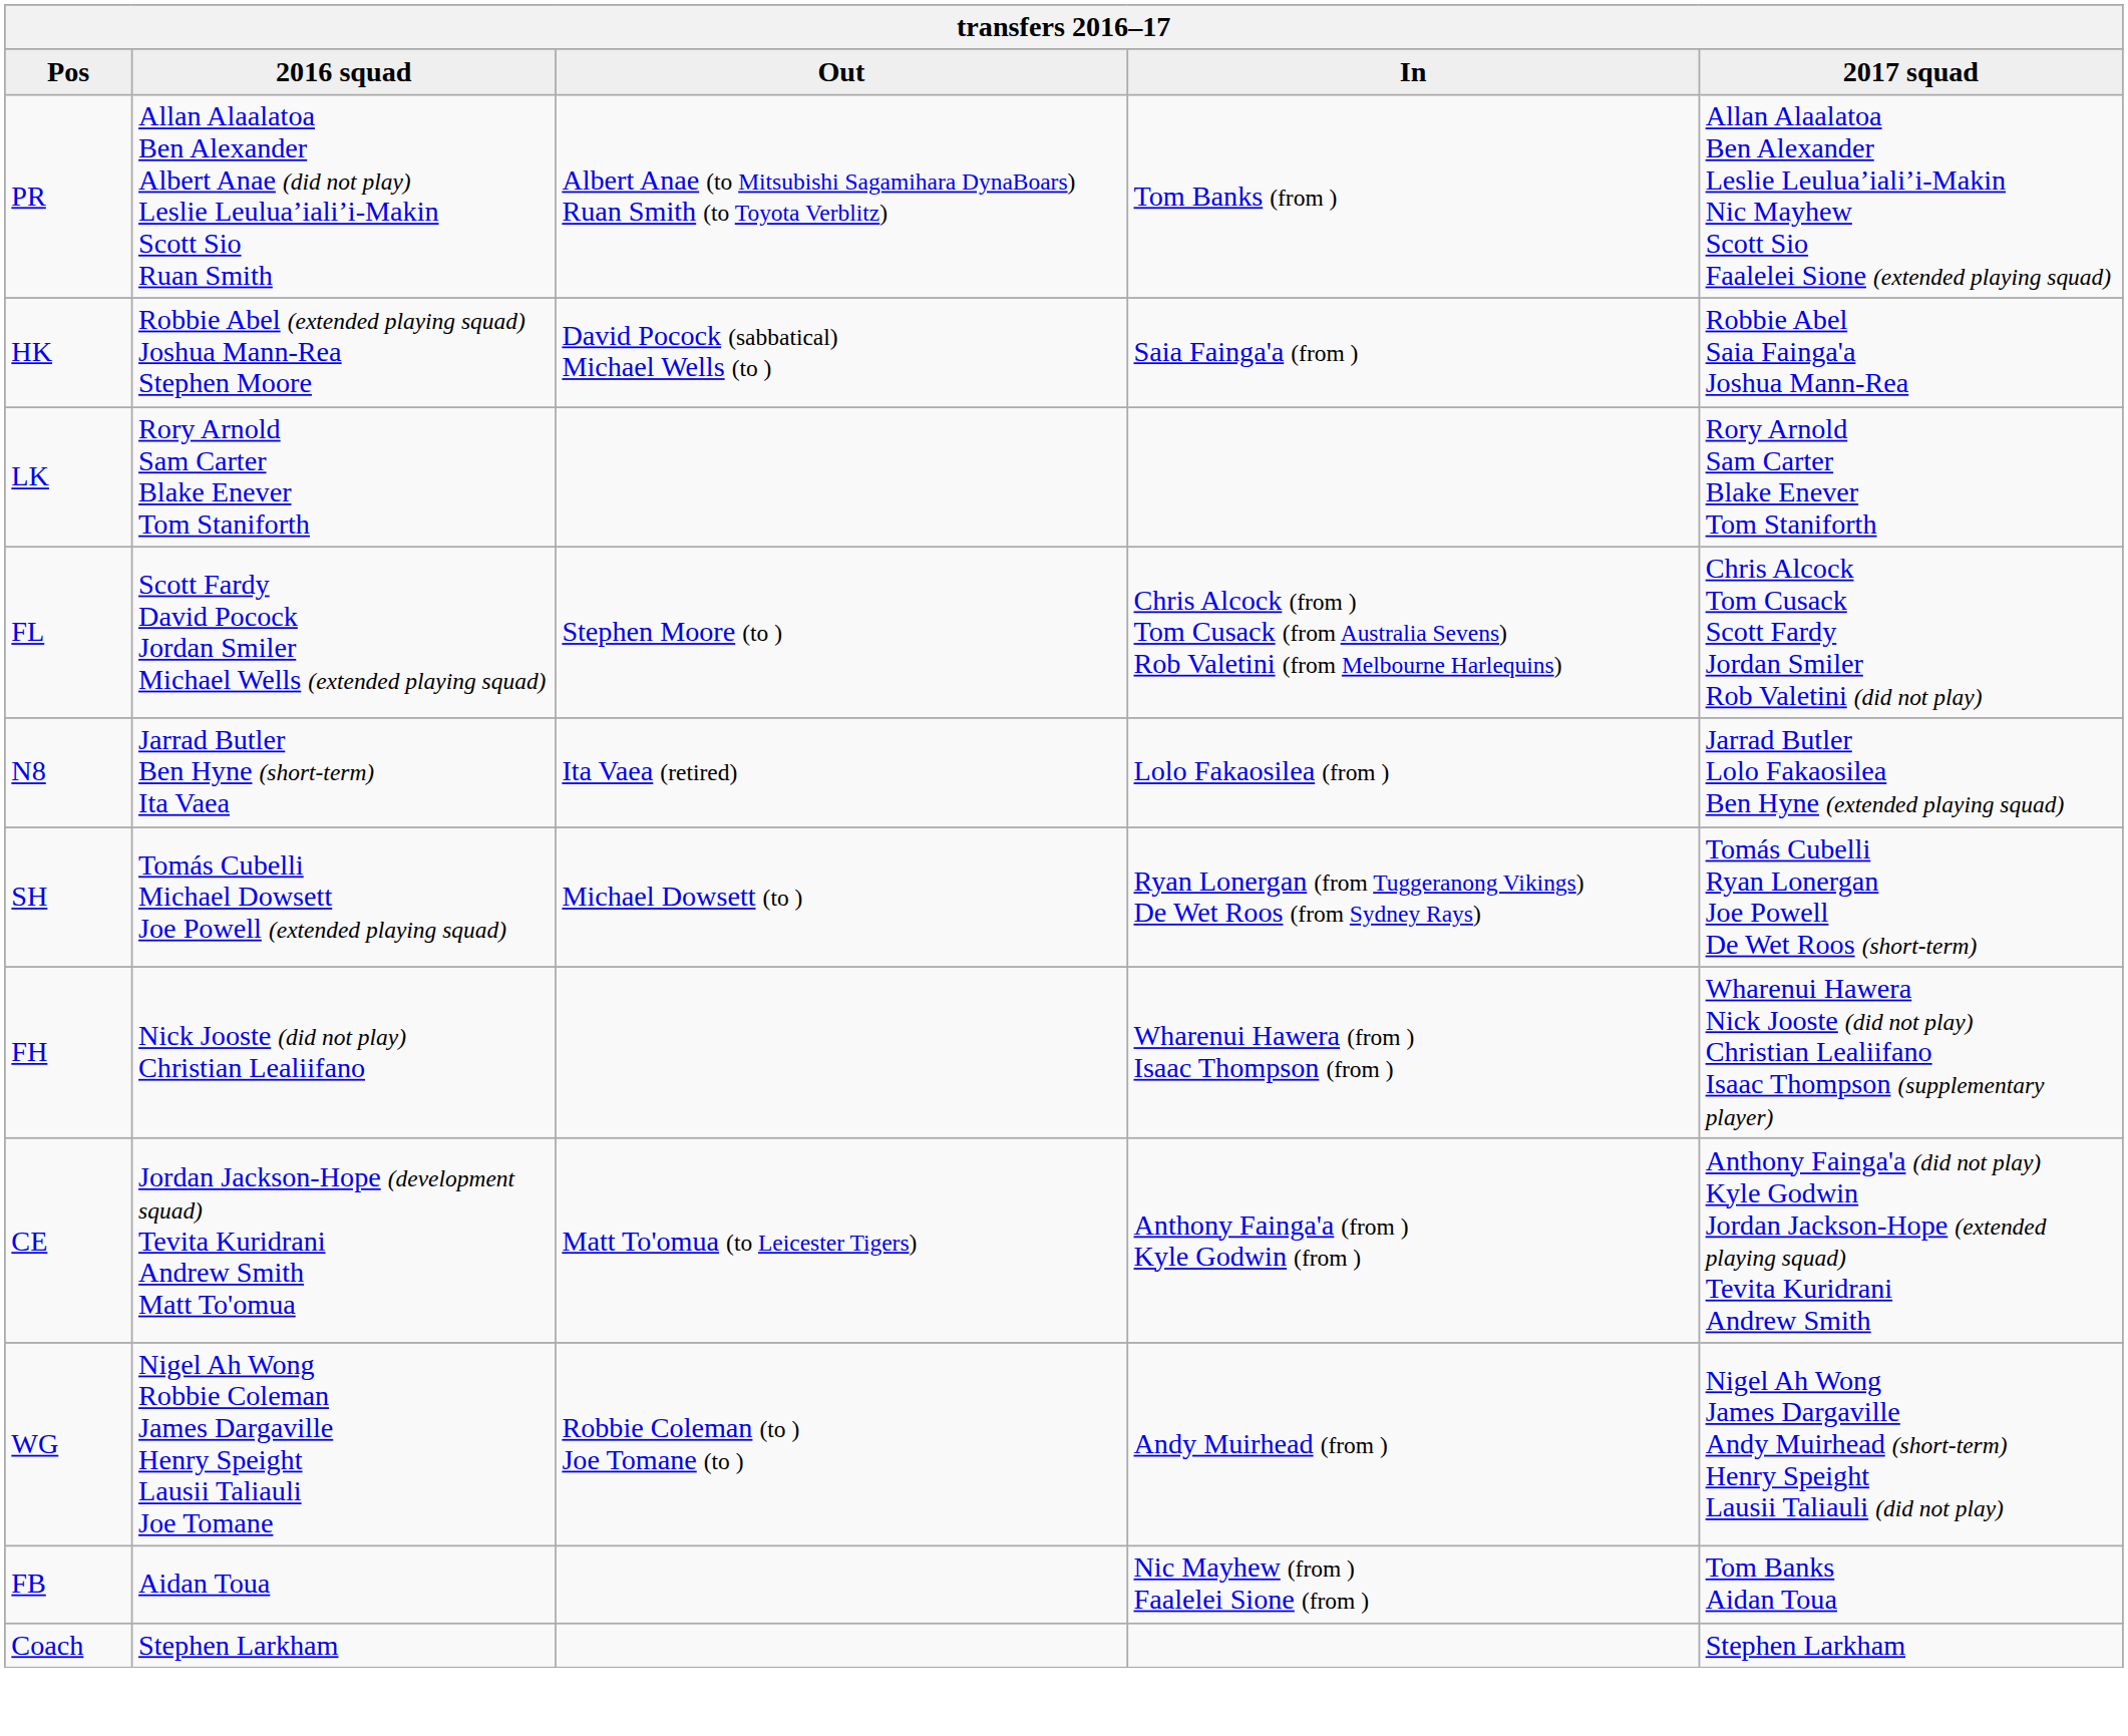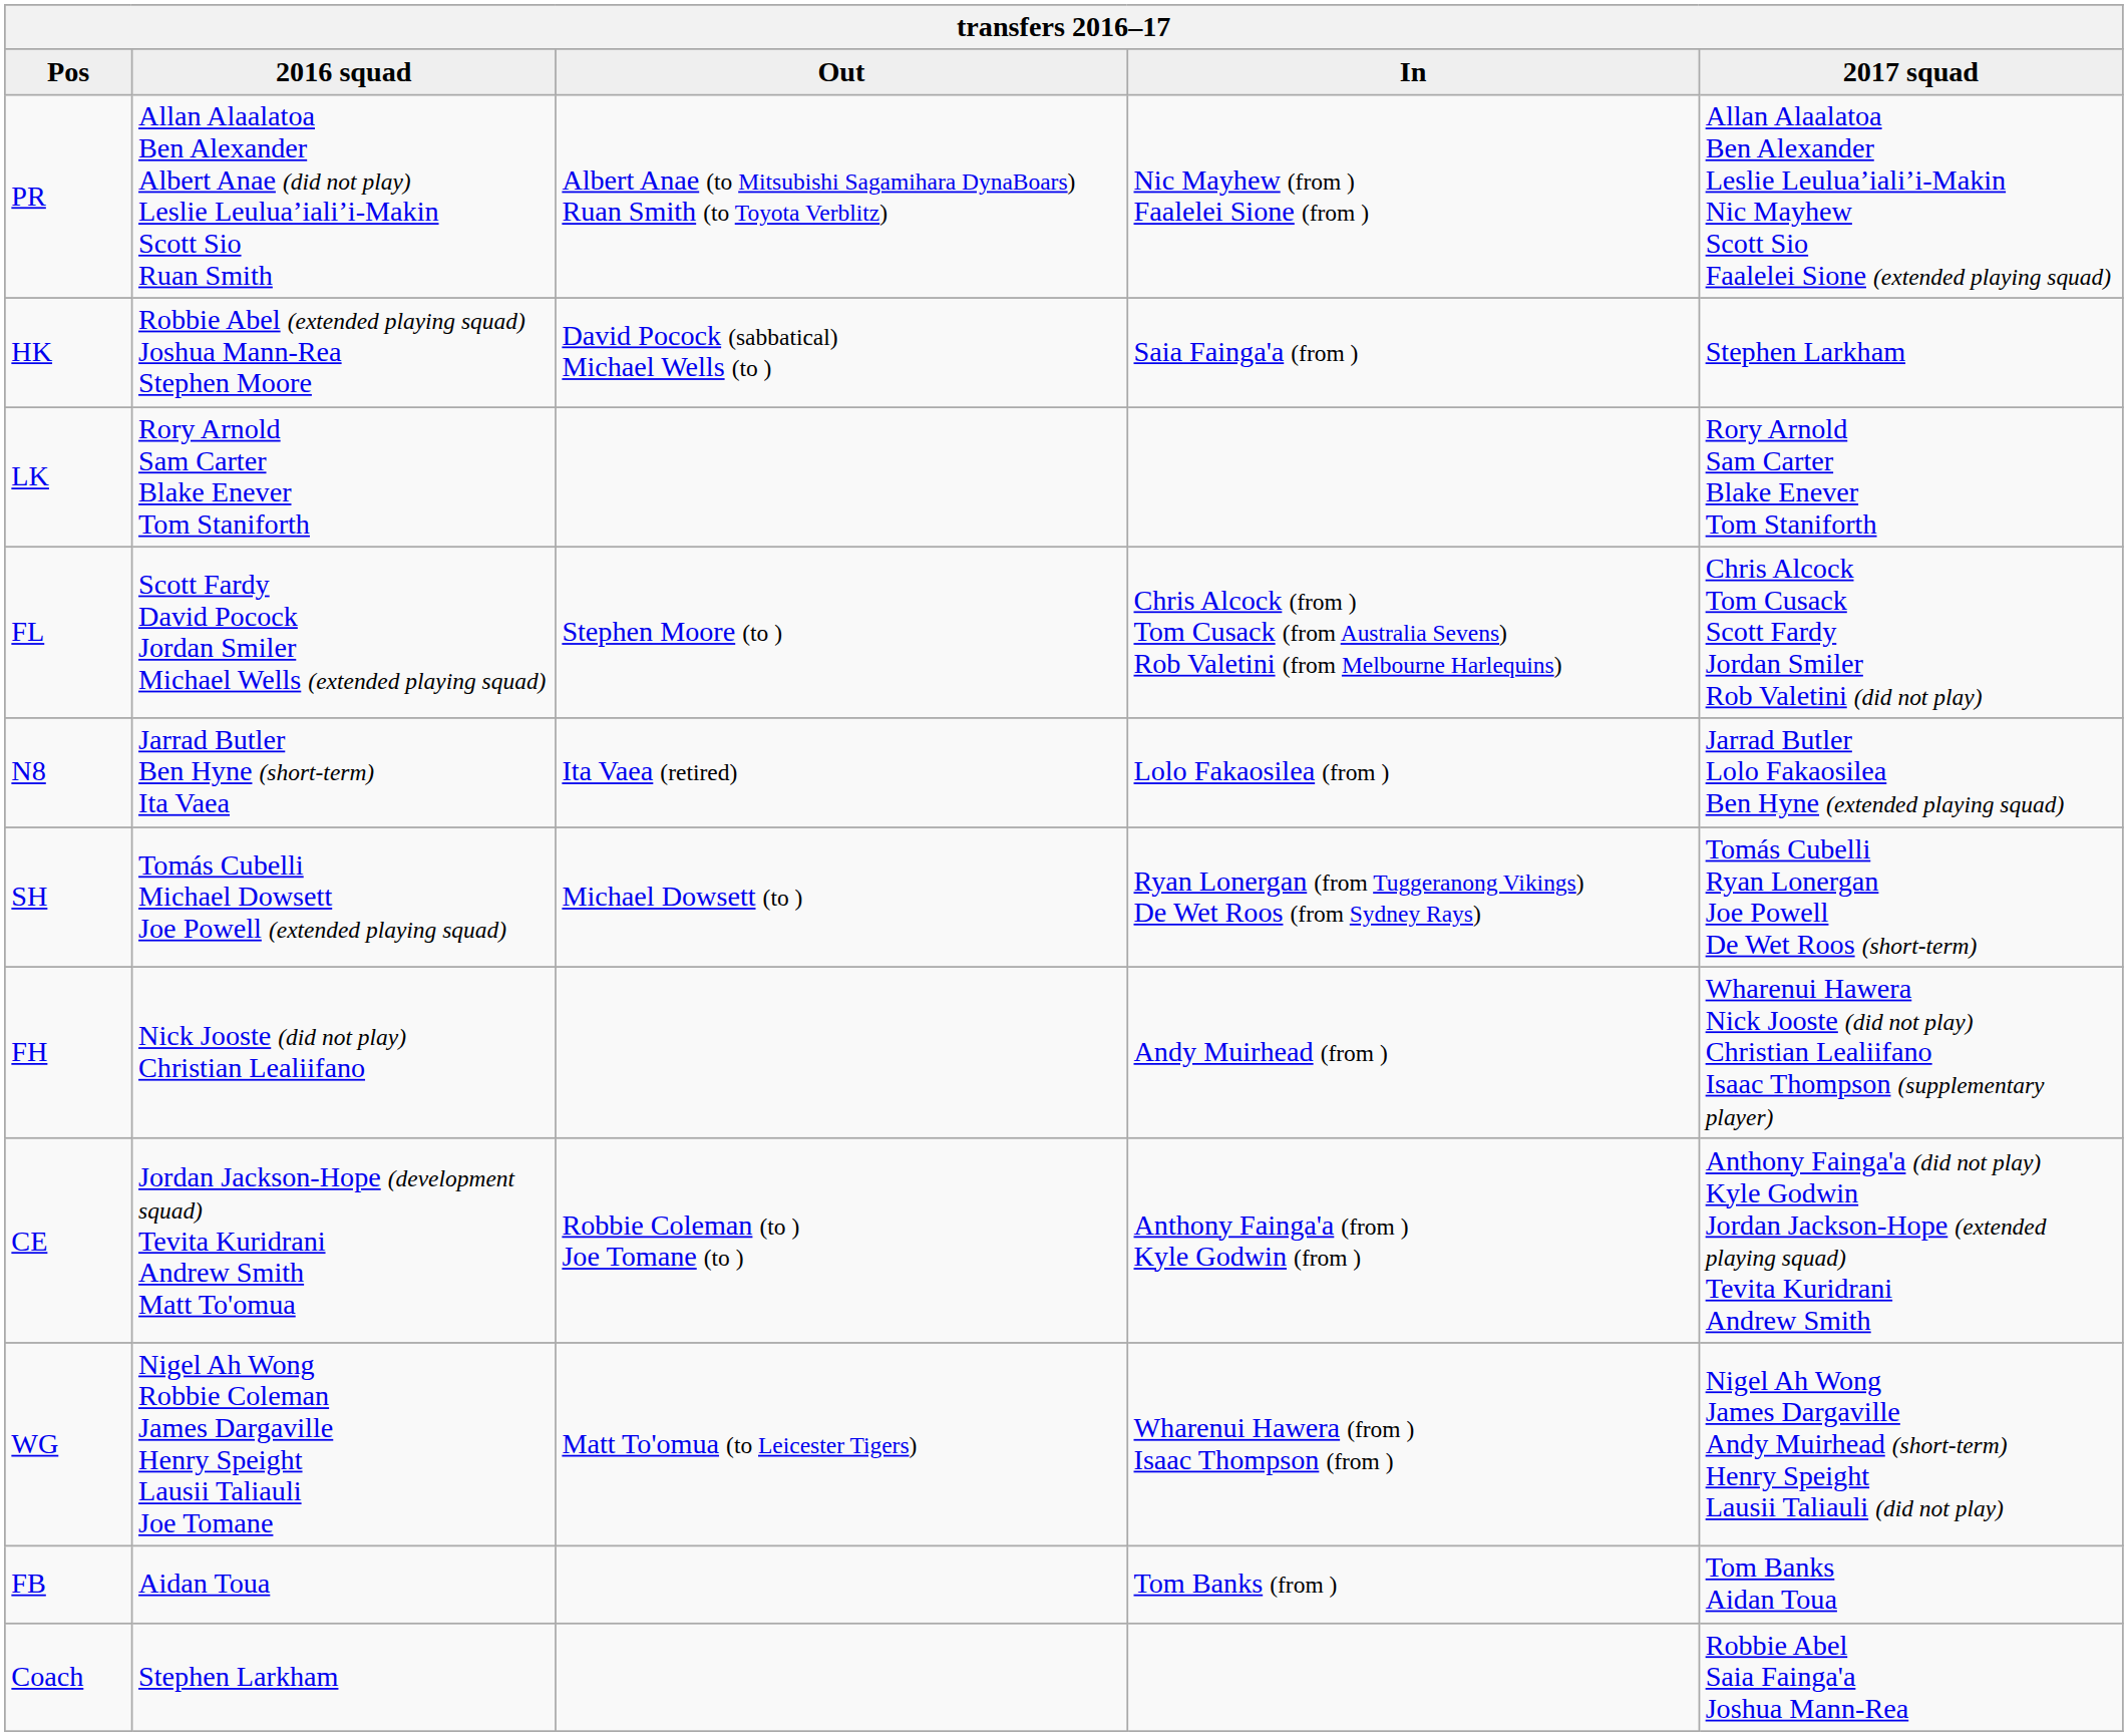 <table class="wikitable" style="text-align: left; width:95%">
 <tr>
 <th colspan="100%"> transfers 2016–17</th>
 </tr>
 <tr>
 <th style="background:#efefef; width:6%;">Pos</th>
 <th style="background:#efefef; width:20%;">2016 squad</th>
 <th style="background:#efefef; width:27%;">Out</th>
 <th style="background:#efefef; width:27%;">In</th>
 <th style="background:#efefef; width:20%;">2017 squad</th>
 </tr>
 <tr>
 <td><a href='#'>PR</a></td>
 <td> <a href='#'>Allan Alaalatoa</a> <br> <a href='#'>Ben Alexander</a> <br> <a href='#'>Albert Anae</a> <small><em>(did not play)</em></small> <br> <a href='#'>Leslie Leulua’iali’i-Makin</a> <br> <a href='#'>Scott Sio</a> <br> <a href='#'>Ruan Smith</a></td>
 <td>  <a href='#'>Albert Anae</a> <small>(to  <a href='#'>Mitsubishi Sagamihara DynaBoars</a>)</small> <br>  <a href='#'>Ruan Smith</a> <small>(to  <a href='#'>Toyota Verblitz</a>)</small></td>
-<td>  <a href='#'>Tom Banks</a> <small>(from )</small></td>
+<td>  <a href='#'>Nic Mayhew</a> <small>(from )</small> <br>  <a href='#'>Faalelei Sione</a> <small>(from )</small></td>
 <td> <a href='#'>Allan Alaalatoa</a> <br> <a href='#'>Ben Alexander</a> <br> <a href='#'>Leslie Leulua’iali’i-Makin</a> <br> <a href='#'>Nic Mayhew</a> <br> <a href='#'>Scott Sio</a> <br> <a href='#'>Faalelei Sione</a> <small><em>(extended playing squad)</em></small></td>
 </tr>
 <tr>
 <td><a href='#'>HK</a></td>
 <td> <a href='#'>Robbie Abel</a> <small><em>(extended playing squad)</em></small> <br> <a href='#'>Joshua Mann-Rea</a> <br> <a href='#'>Stephen Moore</a></td>
 <td>  <a href='#'>David Pocock</a> <small>(sabbatical)</small> <br>  <a href='#'>Michael Wells</a> <small>(to )</small></td>
 <td>  <a href='#'>Saia Fainga'a</a> <small>(from )</small></td>
-<td> <a href='#'>Robbie Abel</a> <br> <a href='#'>Saia Fainga'a</a> <br> <a href='#'>Joshua Mann-Rea</a></td>
+<td> <a href='#'>Stephen Larkham</a></td>
 </tr>
 <tr>
 <td><a href='#'>LK</a></td>
 <td> <a href='#'>Rory Arnold</a> <br> <a href='#'>Sam Carter</a> <br> <a href='#'>Blake Enever</a> <br> <a href='#'>Tom Staniforth</a></td>
 <td></td>
 <td></td>
 <td> <a href='#'>Rory Arnold</a> <br> <a href='#'>Sam Carter</a> <br> <a href='#'>Blake Enever</a> <br> <a href='#'>Tom Staniforth</a></td>
 </tr>
 <tr>
 <td><a href='#'>FL</a></td>
 <td> <a href='#'>Scott Fardy</a> <br> <a href='#'>David Pocock</a> <br> <a href='#'>Jordan Smiler</a> <br> <a href='#'>Michael Wells</a> <small><em>(extended playing squad)</em></small></td>
 <td>  <a href='#'>Stephen Moore</a> <small>(to )</small></td>
 <td>  <a href='#'>Chris Alcock</a> <small>(from )</small> <br>  <a href='#'>Tom Cusack</a> <small>(from <a href='#'>Australia Sevens</a>)</small> <br>  <a href='#'>Rob Valetini</a> <small>(from <a href='#'>Melbourne Harlequins</a>)</small></td>
 <td> <a href='#'>Chris Alcock</a> <br> <a href='#'>Tom Cusack</a> <br> <a href='#'>Scott Fardy</a> <br> <a href='#'>Jordan Smiler</a> <br> <a href='#'>Rob Valetini</a> <small><em>(did not play)</em></small></td>
 </tr>
 <tr>
 <td><a href='#'>N8</a></td>
 <td> <a href='#'>Jarrad Butler</a> <br> <a href='#'>Ben Hyne</a> <small><em>(short-term)</em></small> <br> <a href='#'>Ita Vaea</a></td>
 <td>  <a href='#'>Ita Vaea</a> <small>(retired)</small></td>
 <td>  <a href='#'>Lolo Fakaosilea</a> <small>(from )</small></td>
 <td> <a href='#'>Jarrad Butler</a> <br> <a href='#'>Lolo Fakaosilea</a> <br> <a href='#'>Ben Hyne</a> <small><em>(extended playing squad)</em></small></td>
 </tr>
 <tr>
 <td><a href='#'>SH</a></td>
 <td> <a href='#'>Tomás Cubelli</a> <br> <a href='#'>Michael Dowsett</a> <br> <a href='#'>Joe Powell</a> <small><em>(extended playing squad)</em></small></td>
 <td>  <a href='#'>Michael Dowsett</a> <small>(to )</small></td>
 <td>  <a href='#'>Ryan Lonergan</a> <small>(from <a href='#'>Tuggeranong Vikings</a>)</small> <br>  <a href='#'>De Wet Roos</a> <small>(from <a href='#'>Sydney Rays</a>)</small></td>
 <td> <a href='#'>Tomás Cubelli</a> <br> <a href='#'>Ryan Lonergan</a> <br> <a href='#'>Joe Powell</a> <br> <a href='#'>De Wet Roos</a> <small><em>(short-term)</em></small></td>
 </tr>
 <tr>
 <td><a href='#'>FH</a></td>
 <td> <a href='#'>Nick Jooste</a> <small><em>(did not play)</em></small> <br> <a href='#'>Christian Lealiifano</a></td>
 <td></td>
-<td>  <a href='#'>Wharenui Hawera</a> <small>(from )</small> <br>  <a href='#'>Isaac Thompson</a> <small>(from )</small></td>
+<td>  <a href='#'>Andy Muirhead</a> <small>(from )</small></td>
 <td> <a href='#'>Wharenui Hawera</a> <br> <a href='#'>Nick Jooste</a> <small><em>(did not play)</em></small> <br> <a href='#'>Christian Lealiifano</a> <br> <a href='#'>Isaac Thompson</a> <small><em>(supplementary player)</em></small></td>
 </tr>
 <tr>
 <td><a href='#'>CE</a></td>
 <td> <a href='#'>Jordan Jackson-Hope</a> <small><em>(development squad)</em></small> <br> <a href='#'>Tevita Kuridrani</a> <br> <a href='#'>Andrew Smith</a> <br> <a href='#'>Matt To'omua</a></td>
-<td>  <a href='#'>Matt To'omua</a> <small>(to  <a href='#'>Leicester Tigers</a>)</small></td>
+<td>  <a href='#'>Robbie Coleman</a> <small>(to )</small> <br>  <a href='#'>Joe Tomane</a> <small>(to )</small></td>
 <td>  <a href='#'>Anthony Fainga'a</a> <small>(from )</small> <br>  <a href='#'>Kyle Godwin</a> <small>(from )</small></td>
 <td> <a href='#'>Anthony Fainga'a</a> <small><em>(did not play)</em></small> <br> <a href='#'>Kyle Godwin</a> <br> <a href='#'>Jordan Jackson-Hope</a> <small><em>(extended playing squad)</em></small> <br><a href='#'>Tevita Kuridrani</a> <br> <a href='#'>Andrew Smith</a></td>
 </tr>
 <tr>
 <td><a href='#'>WG</a></td>
 <td> <a href='#'>Nigel Ah Wong</a> <br> <a href='#'>Robbie Coleman</a> <br> <a href='#'>James Dargaville</a> <br> <a href='#'>Henry Speight</a> <br> <a href='#'>Lausii Taliauli</a> <br> <a href='#'>Joe Tomane</a></td>
-<td>  <a href='#'>Robbie Coleman</a> <small>(to )</small> <br>  <a href='#'>Joe Tomane</a> <small>(to )</small></td>
-<td>  <a href='#'>Andy Muirhead</a> <small>(from )</small></td>
+<td>  <a href='#'>Matt To'omua</a> <small>(to  <a href='#'>Leicester Tigers</a>)</small></td>
+<td>  <a href='#'>Wharenui Hawera</a> <small>(from )</small> <br>  <a href='#'>Isaac Thompson</a> <small>(from )</small></td>
 <td> <a href='#'>Nigel Ah Wong</a> <br> <a href='#'>James Dargaville</a> <br> <a href='#'>Andy Muirhead</a> <small><em>(short-term)</em></small> <br> <a href='#'>Henry Speight</a> <br> <a href='#'>Lausii Taliauli</a> <small><em>(did not play)</em></small></td>
 </tr>
 <tr>
 <td><a href='#'>FB</a></td>
 <td> <a href='#'>Aidan Toua</a></td>
 <td></td>
-<td>  <a href='#'>Nic Mayhew</a> <small>(from )</small> <br>  <a href='#'>Faalelei Sione</a> <small>(from )</small></td>
+<td>  <a href='#'>Tom Banks</a> <small>(from )</small></td>
 <td> <a href='#'>Tom Banks</a> <br> <a href='#'>Aidan Toua</a></td>
 </tr>
 <tr>
 <td><a href='#'>Coach</a></td>
 <td> <a href='#'>Stephen Larkham</a></td>
 <td></td>
 <td></td>
-<td> <a href='#'>Stephen Larkham</a></td>
+<td> <a href='#'>Robbie Abel</a> <br> <a href='#'>Saia Fainga'a</a> <br> <a href='#'>Joshua Mann-Rea</a></td>
 </tr>
 </table>
